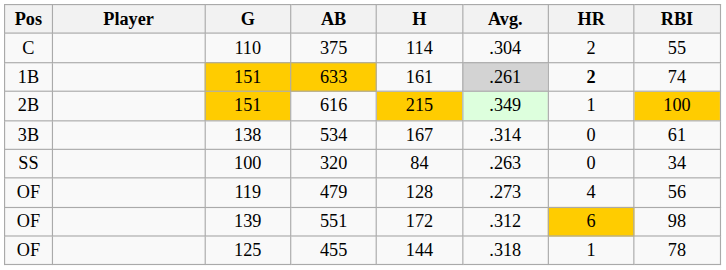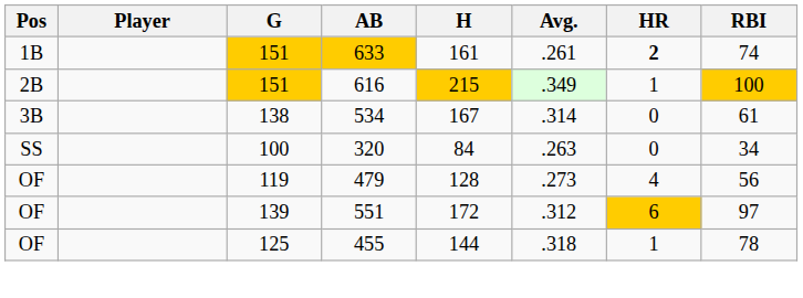 <table class="wikitable sortable">
 <tr>
 <th bgcolor="#DDDDFF" width="5%">Pos</th>
 <th bgcolor="#DDDDFF" width="16%">Player</th>
 <th bgcolor="#DDDDFF" width="9%">G</th>
 <th bgcolor="#DDDDFF" width="9%">AB</th>
 <th bgcolor="#DDDDFF" width="9%">H</th>
 <th bgcolor="#DDDDFF" width="9%">Avg.</th>
 <th bgcolor="#DDDDFF" width="9%">HR</th>
 <th bgcolor="#DDDDFF" width="9%">RBI</th>
 </tr>
 <tr align="center">
-<td>C</td>
-<td></td>
-<td>110</td>
-<td>375</td>
-<td>114</td>
-<td>.304</td>
-<td>2</td>
-<td>55</td>
-</tr>
-<tr align="center">
 <td>1B</td>
 <td></td>
 <td style="background:#fc0;">151</td>
 <td style="background:#fc0;">633</td>
 <td>161</td>
-<td style="background: lightgrey;">.261</td>
+<td>.261</td>
 <td><strong>2</strong></td>
 <td>74</td>
 </tr>
 <tr align="center">
 <td>2B</td>
 <td></td>
 <td style="background:#fc0;">151</td>
 <td>616</td>
 <td style="background:#fc0;">215</td>
 <td style="background:#DDFFDD;">.349</td>
 <td>1</td>
 <td style="background:#fc0;">100</td>
 </tr>
 <tr align="center">
 <td>3B</td>
 <td></td>
 <td>138</td>
 <td>534</td>
 <td>167</td>
 <td>.314</td>
 <td>0</td>
 <td>61</td>
 </tr>
 <tr align="center">
 <td>SS</td>
 <td></td>
 <td>100</td>
 <td>320</td>
 <td>84</td>
 <td>.263</td>
 <td>0</td>
 <td>34</td>
 </tr>
 <tr align="center">
 <td>OF</td>
 <td></td>
 <td>119</td>
 <td>479</td>
 <td>128</td>
 <td>.273</td>
 <td>4</td>
 <td>56</td>
 </tr>
 <tr align="center">
 <td>OF</td>
 <td></td>
 <td>139</td>
 <td>551</td>
 <td>172</td>
 <td>.312</td>
 <td style="background:#fc0;">6</td>
-<td>98</td>
+<td>97</td>
 </tr>
 <tr align="center">
 <td>OF</td>
 <td></td>
 <td>125</td>
 <td>455</td>
 <td>144</td>
 <td>.318</td>
 <td>1</td>
 <td>78</td>
 </tr>
 </table>
